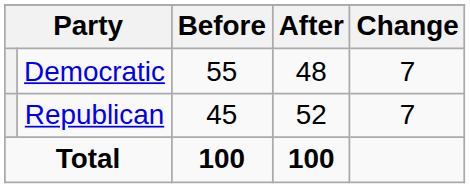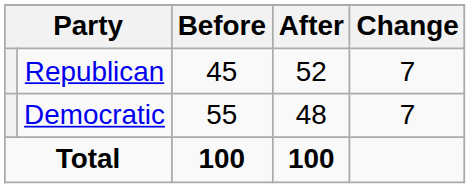 <table class="wikitable" style="text-align:center;">
 <tr>
 </tr>
 <tr>
 <th colspan=2>Party</th>
 <th>Before</th>
 <th>After</th>
 <th>Change</th>
 </tr>
 <tr>
 <th style="background-color:"></th>
-<td><a href='#'>Democratic</a></td>
-<td>55</td>
-<td>48</td>
+<td><a href='#'>Republican</a></td>
+<td>45</td>
+<td>52</td>
 <td> 7</td>
 </tr>
 <tr>
 <th style="background-color:"></th>
-<td><a href='#'>Republican</a></td>
-<td>45</td>
-<td>52</td>
+<td><a href='#'>Democratic</a></td>
+<td>55</td>
+<td>48</td>
 <td> 7</td>
 </tr>
 <tr>
 <td colspan=2><strong>Total</strong></td>
 <td><strong>100</strong></td>
 <td><strong>100</strong></td>
 <td></td>
 </tr>
 </table>
